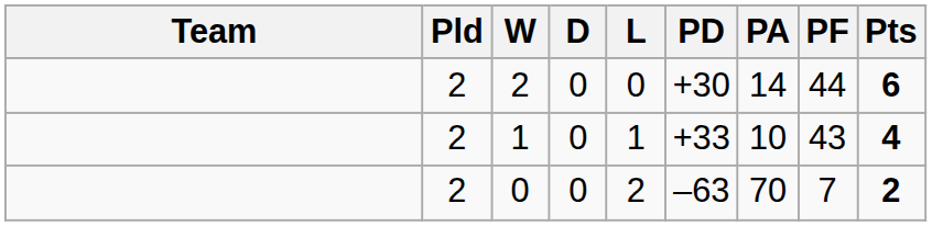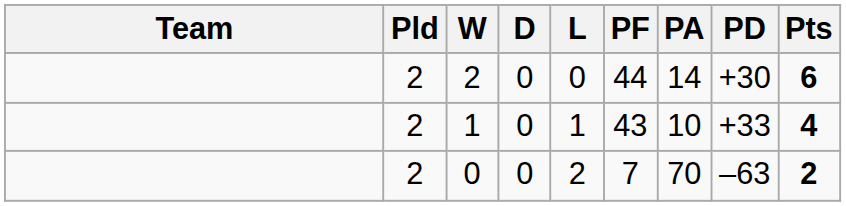 <table class="wikitable" style="text-align:center;">
 <tr>
 <th width=190>Team</th>
 <th width=20 abbr="Played">Pld</th>
 <th width=20 abbr="Won">W</th>
 <th width=20 abbr="Drawn">D</th>
 <th width=20 abbr="Lost">L</th>
+<th width=20 abbr="Points for">PF</th>
+<th width=20 abbr="Points against">PA</th>
 <th width=25 abbr="Points difference">PD</th>
-<th width=20 abbr="Points against">PA</th>
-<th width=20 abbr="Points for">PF</th>
 <th width=20 abbr="Points">Pts</th>
 </tr>
 <tr>
 <td align=left></td>
 <td>2</td>
 <td>2</td>
 <td>0</td>
 <td>0</td>
+<td>44</td>
+<td>14</td>
 <td>+30</td>
-<td>14</td>
-<td>44</td>
 <td><strong>6</strong></td>
 </tr>
 <tr>
 <td align=left></td>
 <td>2</td>
 <td>1</td>
 <td>0</td>
 <td>1</td>
+<td>43</td>
+<td>10</td>
 <td>+33</td>
-<td>10</td>
-<td>43</td>
 <td><strong>4</strong></td>
 </tr>
 <tr>
 <td align=left></td>
 <td>2</td>
 <td>0</td>
 <td>0</td>
 <td>2</td>
+<td>7</td>
+<td>70</td>
 <td>–63</td>
-<td>70</td>
-<td>7</td>
 <td><strong>2</strong></td>
 </tr>
 </table>
